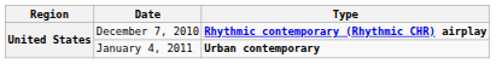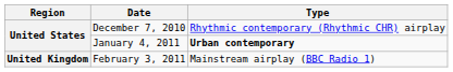 <table class="wikitable plainrowheaders">
 <tr>
 <th>Region</th>
 <th>Date</th>
 <th>Type</th>
 </tr>
 <tr>
 <th scope="row" rowspan="2">United States</th>
 <td>December 7, 2010</td>
-<td><strong><a href='#'>Rhythmic contemporary (Rhythmic CHR)</a> airplay</strong></td>
+<td><a href='#'>Rhythmic contemporary (Rhythmic CHR)</a> airplay</td>
 </tr>
 <tr>
 <td>January 4, 2011</td>
 <td><strong>Urban contemporary</strong></td>
 </tr>
+<tr>
+<th scope="row">United Kingdom</th>
+<td>February 3, 2011</td>
+<td>Mainstream airplay (<a href='#'>BBC Radio 1</a>)</td>
+</tr>
 </table>
